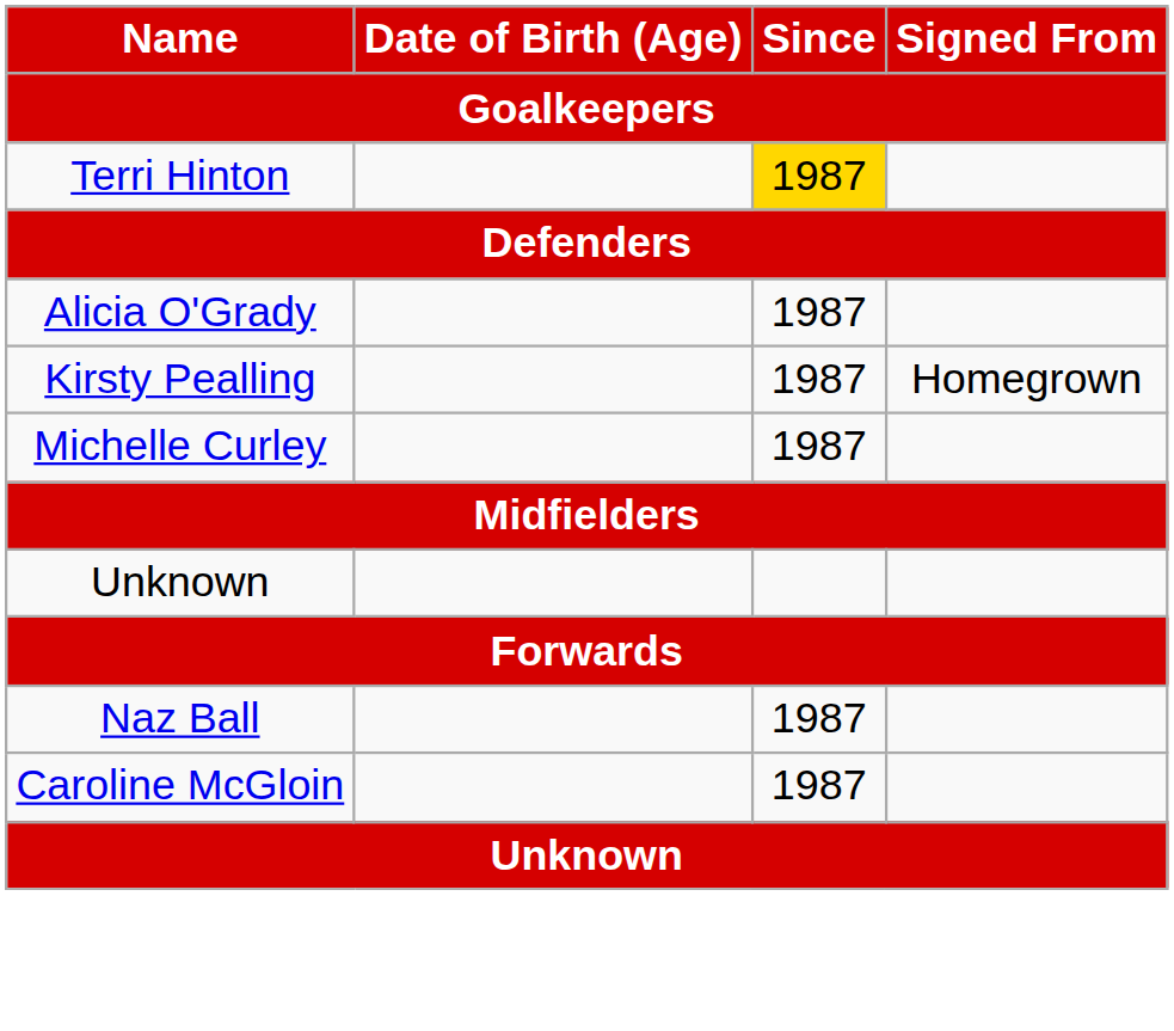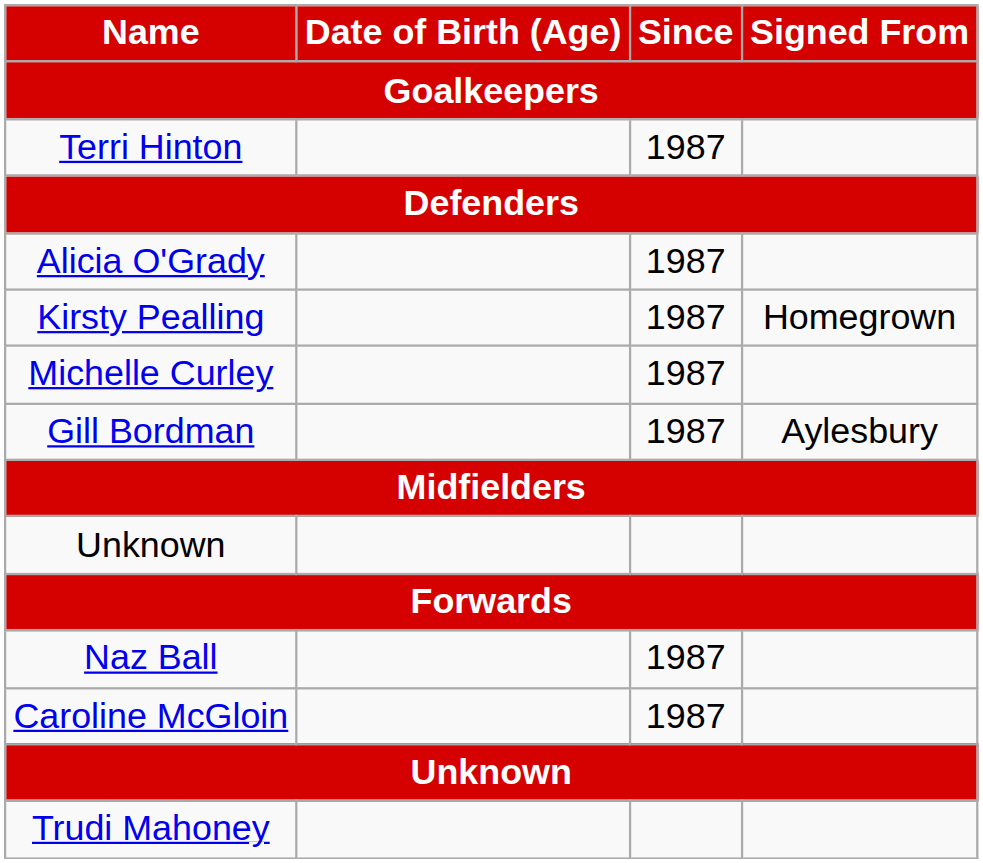 <table class="wikitable" style="text-align:center; font-size:100%; ">
 <tr>
 <th style="background:#d50000; color:white; text-align:center;">Name</th>
 <th style="background:#d50000; color:white; text-align:center;">Date of Birth (Age)</th>
 <th style="background:#d50000; color:white; text-align:center;">Since</th>
 <th style="background:#d50000; color:white; text-align:center;">Signed From</th>
 </tr>
 <tr>
 <th style="background:#d50000; color:white; text-align:center;" colspan="4">Goalkeepers</th>
 </tr>
 <tr>
 <td> <a href='#'>Terri Hinton</a></td>
 <td></td>
-<td style="background: gold;">1987</td>
+<td>1987</td>
 <td></td>
 </tr>
 <tr>
 <th colspan="4" style="background:#d50000; color:white; text-align:center;">Defenders</th>
 </tr>
 <tr>
 <td><a href='#'>Alicia O'Grady</a></td>
 <td></td>
 <td>1987</td>
 <td></td>
 </tr>
 <tr>
 <td> <a href='#'>Kirsty Pealling</a></td>
 <td></td>
 <td>1987</td>
 <td>Homegrown</td>
 </tr>
 <tr>
 <td> <a href='#'>Michelle Curley</a></td>
 <td></td>
 <td>1987</td>
 <td></td>
+</tr>
+<tr>
+<td> <a href='#'>Gill Bordman</a></td>
+<td></td>
+<td>1987</td>
+<td>Aylesbury</td>
 </tr>
 <tr>
 <th style="background:#d50000; color:white; text-align:center;" colspan="4">Midfielders</th>
 </tr>
 <tr>
 <td>Unknown</td>
 <td></td>
 <td></td>
 <td></td>
 </tr>
 <tr>
 <th style="background:#d50000; color:white; text-align:center;" colspan="4">Forwards</th>
 </tr>
 <tr>
 <td> <a href='#'>Naz Ball</a></td>
 <td></td>
 <td>1987</td>
 <td></td>
 </tr>
 <tr>
 <td><a href='#'>Caroline McGloin</a></td>
 <td></td>
 <td>1987</td>
 <td></td>
 </tr>
 <tr>
 <th style="background:#d50000; color:white; text-align:center;" colspan="4">Unknown</th>
 </tr>
+<tr>
+<td><a href='#'>Trudi Mahoney</a></td>
+<td></td>
+<td></td>
+<td></td>
+</tr>
 </table>
